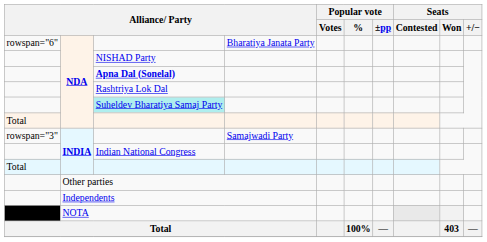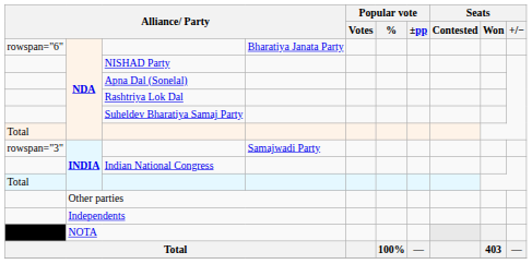 <table class="wikitable sortable">
 <tr>
 <th colspan="4" rowspan="2">Alliance/ Party</th>
 <th colspan="3">Popular vote</th>
 <th colspan="3">Seats</th>
 </tr>
 <tr>
 <th>Votes</th>
 <th>%</th>
 <th>±<a href='#'>pp</a></th>
 <th>Contested</th>
 <th>Won</th>
 <th><strong>+/−</strong></th>
 </tr>
 <tr>
 <td>rowspan="6" </td>
 <th rowspan="6" style="background:#fef3e8"><a href='#'>NDA</a></th>
 <td></td>
 <td><a href='#'>Bharatiya Janata Party</a></td>
 <td></td>
 <td></td>
 <td></td>
 <td></td>
 <td></td>
 <td></td>
 </tr>
 <tr>
 <td></td>
 <td><a href='#'>NISHAD Party</a></td>
 <td></td>
 <td></td>
 <td></td>
 <td></td>
 <td></td>
 <td></td>
 </tr>
 <tr>
 <td></td>
-<td><strong><a href='#'>Apna Dal (Sonelal)</a></strong></td>
+<td><a href='#'>Apna Dal (Sonelal)</a></td>
 <td></td>
 <td></td>
 <td></td>
 <td></td>
 <td></td>
 <td></td>
 </tr>
 <tr>
 <td></td>
 <td><a href='#'>Rashtriya Lok Dal</a></td>
 <td></td>
 <td></td>
 <td></td>
 <td></td>
 <td></td>
 <td></td>
 </tr>
 <tr>
 <td></td>
-<td style="background: paleturquoise;"><a href='#'>Suheldev Bharatiya Samaj Party</a></td>
+<td><a href='#'>Suheldev Bharatiya Samaj Party</a></td>
 <td></td>
 <td></td>
 <td></td>
 <td></td>
 <td></td>
 <td></td>
 </tr>
 <tr>
 <td colspan="2"style="background:#fef3e8">Total</td>
 <td style="color:inherit;background:#fef3e8"></td>
 <td style="color:inherit;background:#fef3e8"></td>
 <td style="color:inherit;background:#fef3e8"></td>
 <td style="color:inherit;background:#fef3e8"></td>
 <td style="color:inherit;background:#fef3e8"></td>
 <td style="color:inherit;background:#fef3e8"></td>
 </tr>
 <tr>
 <td>rowspan="3" </td>
 <th rowspan="3" style="background:#E5F8FF"><a href='#'>INDIA</a></th>
 <td></td>
 <td><a href='#'>Samajwadi Party</a></td>
 <td></td>
 <td></td>
 <td></td>
 <td></td>
 <td></td>
 <td></td>
 </tr>
 <tr>
 <td></td>
 <td><a href='#'>Indian National Congress</a></td>
 <td></td>
 <td></td>
 <td></td>
 <td></td>
 <td></td>
 <td></td>
 </tr>
 <tr>
 <td colspan="2"style="background:#E5F8FF">Total</td>
 <td style="color:inherit;background:#E5F8FF"></td>
 <td style="color:inherit;background:#E5F8FF"></td>
 <td style="color:inherit;background:#E5F8FF"></td>
 <td style="color:inherit;background:#E5F8FF"></td>
 <td style="color:inherit;background:#E5F8FF"></td>
 <td style="color:inherit;background:#E5F8FF"></td>
 </tr>
 <tr>
 <td></td>
 <td colspan="3">Other parties</td>
 <td></td>
 <td></td>
 <td></td>
 <td></td>
 <td></td>
 <td></td>
 </tr>
 <tr>
 <td></td>
 <td colspan="3"><a href='#'>Independents</a></td>
 <td></td>
 <td></td>
 <td></td>
 <td></td>
 <td></td>
 <td></td>
 </tr>
 <tr>
 <td style="background:Black; color:White"></td>
 <td colspan="3"><a href='#'>NOTA</a></td>
 <td></td>
 <td></td>
 <td></td>
 <th style="background-color:#E9E9E9"></th>
 <th></th>
 <td></td>
 </tr>
 <tr>
 <th colspan="4">Total</th>
 <th></th>
 <th>100%</th>
 <th>—</th>
 <th></th>
 <th>403</th>
 <th>—</th>
 </tr>
 <tr>
 </tr>
 </table>
